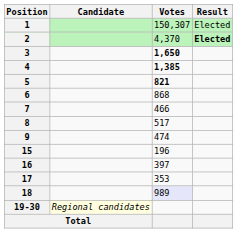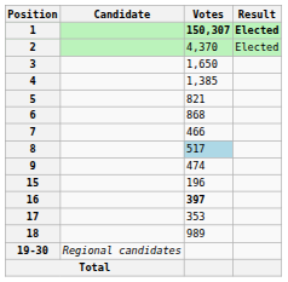 <table class="wikitable sortable col3right">
 <tr>
 <th scope="col">Position</th>
 <th scope="col">Candidate</th>
 <th scope="col">Votes</th>
 <th scope="col">Result</th>
 </tr>
 <tr bgcolor=bbf3bb>
 <th scope="row">1</th>
 <td></td>
-<td>150,307</td>
-<td>Elected</td>
+<td><strong>150,307</strong></td>
+<td><strong>Elected</strong></td>
 </tr>
 <tr bgcolor=bbf3bb>
 <th scope="row">2</th>
 <td></td>
 <td>4,370</td>
-<td><strong>Elected</strong></td>
+<td>Elected</td>
 </tr>
 <tr>
 <th scope="row">3</th>
 <td></td>
-<td><strong>1,650</strong></td>
+<td>1,650</td>
 <td></td>
 </tr>
 <tr>
 <th scope="row">4</th>
 <td></td>
-<td><strong>1,385</strong></td>
+<td>1,385</td>
 <td></td>
 </tr>
 <tr>
 <th scope="row">5</th>
 <td></td>
-<td><strong>821</strong></td>
+<td>821</td>
 <td></td>
 </tr>
 <tr>
 <th scope="row">6</th>
 <td></td>
 <td>868</td>
 <td></td>
 </tr>
 <tr>
 <th scope="row">7</th>
 <td></td>
 <td>466</td>
 <td></td>
 </tr>
 <tr>
 <th scope="row">8</th>
 <td></td>
-<td>517</td>
+<td style="background: lightblue;">517</td>
 <td></td>
 </tr>
 <tr>
 <th scope="row">9</th>
 <td></td>
 <td>474</td>
 <td></td>
 </tr>
 <tr>
 <th scope="row">15</th>
 <td></td>
 <td>196</td>
 <td></td>
 </tr>
 <tr>
 <th scope="row">16</th>
 <td></td>
-<td>397</td>
+<td><strong>397</strong></td>
 <td></td>
 </tr>
 <tr>
 <th scope="row">17</th>
 <td></td>
 <td>353</td>
 <td></td>
 </tr>
 <tr>
 <th scope="row">18</th>
 <td></td>
-<td style="background: lavender;">989</td>
+<td>989</td>
 <td></td>
 </tr>
 <tr>
 <th scope="row">19-30</th>
-<td style="background: lightyellow;"><em>Regional candidates</em></td>
+<td><em>Regional candidates</em></td>
 <td></td>
 <td></td>
 </tr>
 <tr class="sortbottom">
 <th scope="row" colspan="2">Total</th>
 <th></th>
 <th></th>
 </tr>
 </table>
